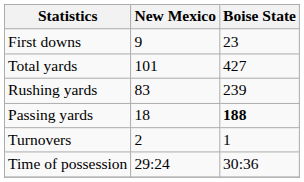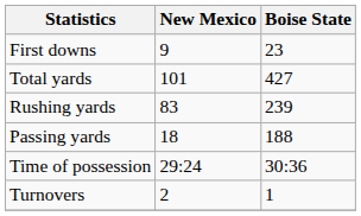 <table class="wikitable">
 <tr>
 <th>Statistics</th>
 <th>New Mexico</th>
 <th>Boise State</th>
 </tr>
 <tr>
 <td>First downs</td>
 <td>9</td>
 <td>23</td>
 </tr>
 <tr>
 <td>Total yards</td>
 <td>101</td>
 <td>427</td>
 </tr>
 <tr>
 <td>Rushing yards</td>
 <td>83</td>
 <td>239</td>
 </tr>
 <tr>
 <td>Passing yards</td>
 <td>18</td>
-<td><strong>188</strong></td>
+<td>188</td>
+</tr>
+<tr>
+<td>Time of possession</td>
+<td>29:24</td>
+<td>30:36</td>
 </tr>
 <tr>
 <td>Turnovers</td>
 <td>2</td>
 <td>1</td>
 </tr>
 <tr>
-<td>Time of possession</td>
-<td>29:24</td>
-<td>30:36</td>
-</tr>
-<tr>
 </tr>
 </table>
